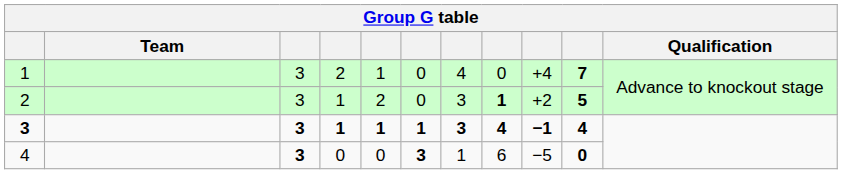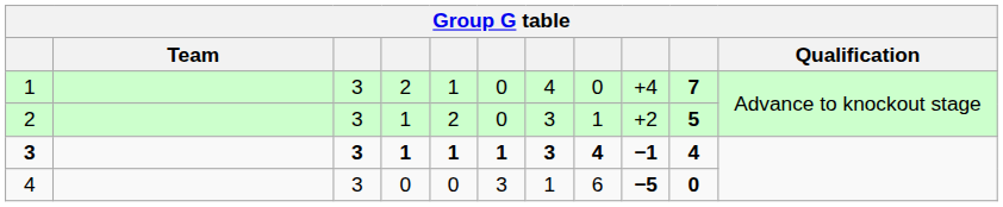 <table class="wikitable" style="text-align:center">
 <tr>
 <th colspan="11"><a href='#'>Group G</a> table</th>
 </tr>
 <tr>
 <th width="30"></th>
 <th width="210">Team</th>
 <th width="30"></th>
 <th width="30"></th>
 <th width="30"></th>
 <th width="30"></th>
 <th width="30"></th>
 <th width="30"></th>
 <th width="30"></th>
 <th width="30"></th>
 <th width="210">Qualification</th>
 </tr>
 <tr style="background:#cfc;">
 <td>1</td>
 <td align="left"></td>
 <td>3</td>
 <td>2</td>
 <td>1</td>
 <td>0</td>
 <td>4</td>
 <td>0</td>
 <td>+4</td>
 <td><strong>7</strong></td>
 <td rowspan="2">Advance to knockout stage</td>
 </tr>
 <tr style="background:#cfc;">
 <td>2</td>
 <td align="left"></td>
 <td>3</td>
 <td>1</td>
 <td>2</td>
 <td>0</td>
 <td>3</td>
-<td><strong>1</strong></td>
+<td>1</td>
 <td>+2</td>
 <td><strong>5</strong></td>
 </tr>
 <tr>
 <td><strong>3</strong></td>
 <td align="left"><strong></strong></td>
 <td><strong>3</strong></td>
 <td><strong>1</strong></td>
 <td><strong>1</strong></td>
 <td><strong>1</strong></td>
 <td><strong>3</strong></td>
 <td><strong>4</strong></td>
 <td><strong>−1</strong></td>
 <td><strong>4</strong></td>
 <td rowspan="2"></td>
 </tr>
 <tr>
 <td>4</td>
 <td align="left"></td>
-<td><strong>3</strong></td>
+<td>3</td>
 <td>0</td>
 <td>0</td>
-<td><strong>3</strong></td>
+<td>3</td>
 <td>1</td>
 <td>6</td>
-<td>−5</td>
+<td><strong>−5</strong></td>
 <td><strong>0</strong></td>
 </tr>
 </table>
